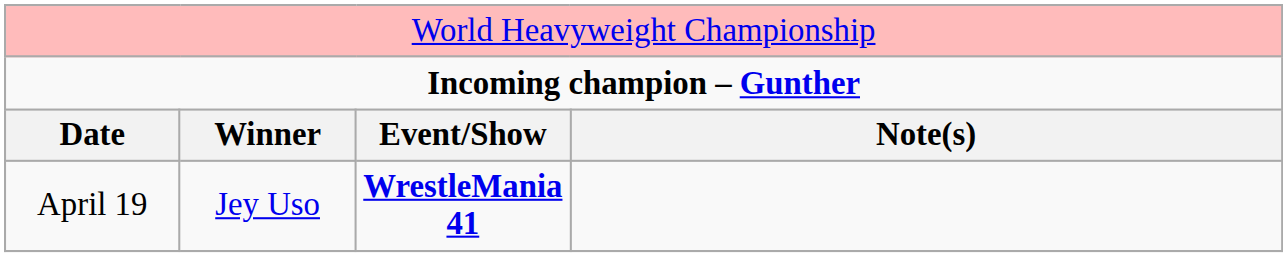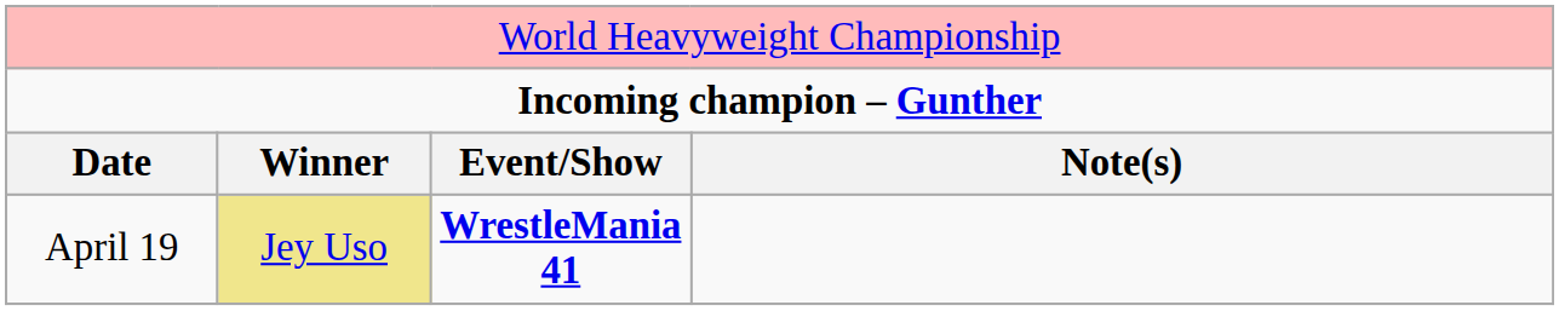 <table class="wikitable" style="text-align:center; width:100%;">
 <tr style="background:#FBB;">
 <td colspan="4" style="text-align: center;"><a href='#'>World Heavyweight Championship</a></td>
 </tr>
 <tr>
 <td colspan="4" style="text-align: center;"><strong>Incoming champion – <a href='#'>Gunther</a></strong></td>
 </tr>
 <tr>
 <th width="14%">Date</th>
 <th width="14%">Winner</th>
 <th width="14%">Event/Show</th>
 <th width="58%">Note(s)</th>
 </tr>
 <tr>
 <td>April 19</td>
-<td><a href='#'>Jey Uso</a></td>
+<td style="background: khaki;"><a href='#'>Jey Uso</a></td>
 <td><strong><a href='#'>WrestleMania 41</a><br></strong></td>
 <td></td>
 </tr>
 <tr>
 </tr>
 </table>
